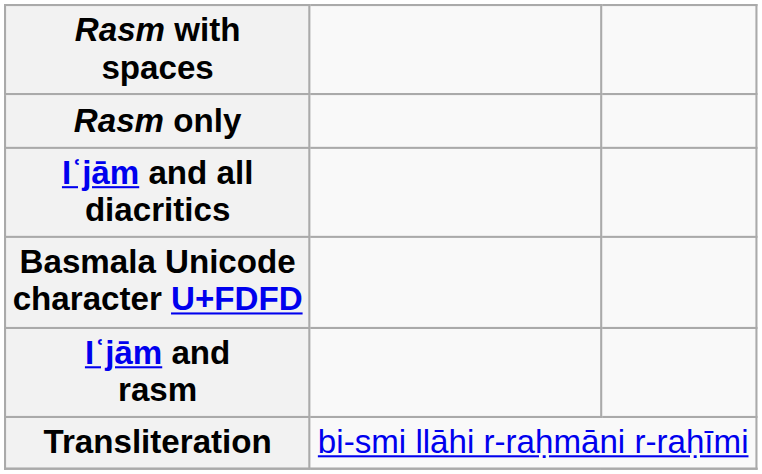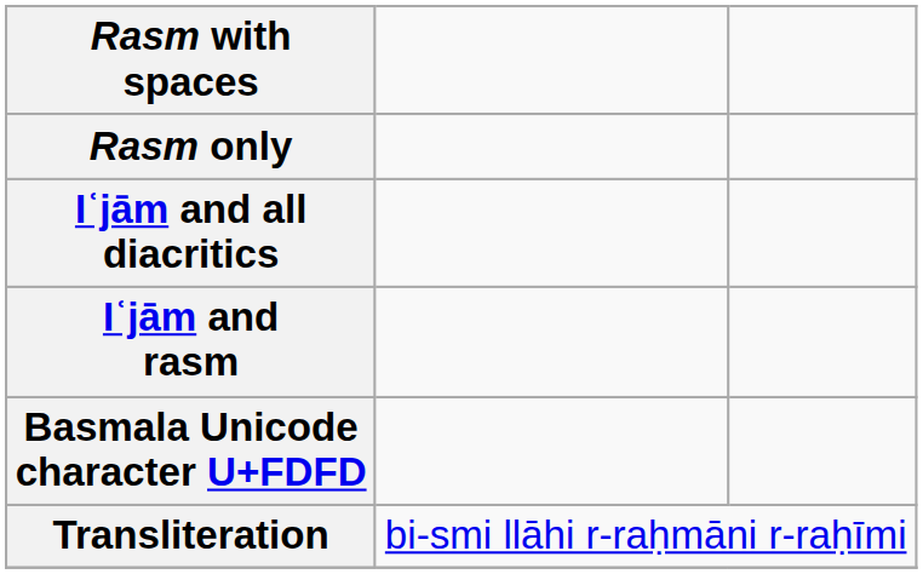 <table class="wikitable" style="text-align: center">
 <tr>
 <th><em>Rasm</em> with <br> spaces </th>
 <td style="font-size:180%;font-family: Scheherazade, Lateef, Arial, Katibeh, 'Reem Kufi','DejaVu Sans','Iranian Sans';"> </td>
 <td></td>
 </tr>
 <tr>
 <th><em>Rasm</em> only </th>
 <td style="font-size:200%;font-family: Scheherazade, Lateef, Arial, Katibeh, 'Reem Kufi','DejaVu Sans','Iranian Sans';"> </td>
 <td></td>
 </tr>
 <tr>
 <th><a href='#'>Iʿjām</a> and all <br> diacritics </th>
 <td style="font-size:200%;line-height:150%;font-family: Scheherazade, Lateef, Arial, Katibeh, 'Reem Kufi','DejaVu Sans','Iranian Sans';"> </td>
 <td></td>
 </tr>
 <tr>
-<th>Basmala Unicode <br> character <a href='#'>U+FDFD</a></th>
-<td style="font-size:200%;font-family: Scheherazade, Lateef, Arial, Katibeh, 'Reem Kufi','DejaVu Sans','Iranian Sans';"></td>
+<th><a href='#'>Iʿjām</a> and <br> rasm </th>
+<td style="font-size:200%;line-height:150%;font-family: Scheherazade, Lateef, Arial, Katibeh, 'Reem Kufi','DejaVu Sans','Iranian Sans';"> </td>
 <td></td>
 </tr>
 <tr>
-<th><a href='#'>Iʿjām</a> and <br> rasm </th>
-<td style="font-size:200%;line-height:150%;font-family: Scheherazade, Lateef, Arial, Katibeh, 'Reem Kufi','DejaVu Sans','Iranian Sans';"> </td>
+<th>Basmala Unicode <br> character <a href='#'>U+FDFD</a></th>
+<td style="font-size:200%;font-family: Scheherazade, Lateef, Arial, Katibeh, 'Reem Kufi','DejaVu Sans','Iranian Sans';"></td>
 <td></td>
 </tr>
 <tr>
 <th>Transliteration</th>
 <td colspan=2><a href='#'>bi-smi llāhi r-raḥmāni r-raḥīmi</a></td>
 </tr>
 <tr>
 </tr>
 </table>
